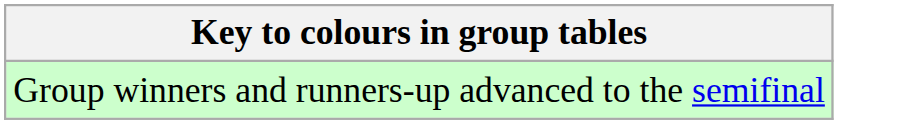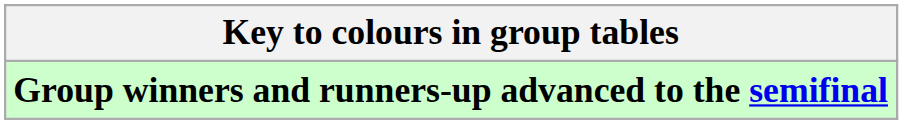 <table class="wikitable">
 <tr>
 <th>Key to colours in group tables</th>
 </tr>
 <tr bgcolor="#ccffcc">
-<td>Group winners and runners-up advanced to the <a href='#'>semifinal</a></td>
+<td><strong>Group winners and runners-up advanced to the <a href='#'>semifinal</a></strong></td>
 </tr>
 </table>
